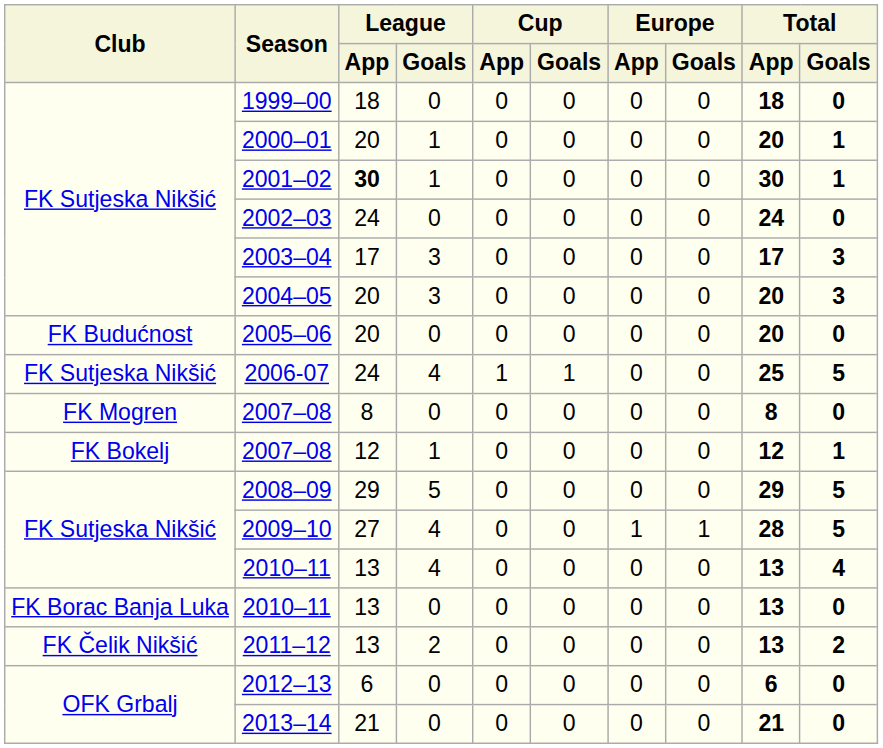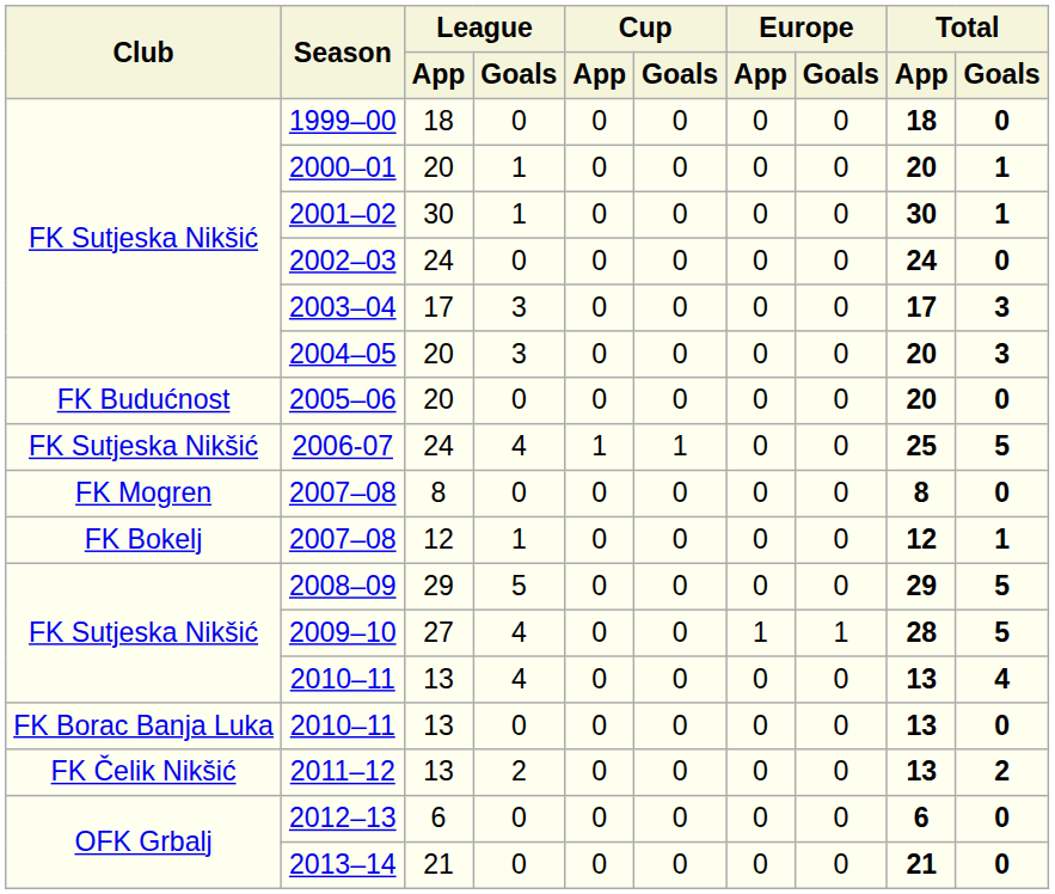 <table border=1 cellpadding=4 cellspacing=2 style="background: ivory; border: 1px #aaaaaa solid; border-collapse: collapse; clear:center">
 <tr style="background:beige">
 <th rowspan="2">Club</th>
 <th rowspan="2">Season</th>
 <th colspan="2">League</th>
 <th colspan="2">Cup</th>
 <th colspan="2">Europe</th>
 <th colspan="3">Total</th>
 </tr>
 <tr style="background:beige">
 <th>App</th>
 <th>Goals</th>
 <th>App</th>
 <th>Goals</th>
 <th>App</th>
 <th>Goals</th>
 <th>App</th>
 <th>Goals</th>
 </tr>
 <tr>
 <td rowspan="6" align=center valign=center><a href='#'>FK Sutjeska Nikšić</a></td>
 <td align="center"><a href='#'>1999–00</a></td>
 <td align="center">18</td>
 <td align="center">0</td>
 <td align="center">0</td>
 <td align="center">0</td>
 <td align="center">0</td>
 <td align="center">0</td>
 <th>18</th>
 <th>0</th>
 </tr>
 <tr>
 <td align="center"><a href='#'>2000–01</a></td>
 <td align="center">20</td>
 <td align="center">1</td>
 <td align="center">0</td>
 <td align="center">0</td>
 <td align="center">0</td>
 <td align="center">0</td>
 <th>20</th>
 <th>1</th>
 </tr>
 <tr>
 <td align="center"><a href='#'>2001–02</a></td>
-<td align="center"><strong>30</strong></td>
+<td align="center">30</td>
 <td align="center">1</td>
 <td align="center">0</td>
 <td align="center">0</td>
 <td align="center">0</td>
 <td align="center">0</td>
 <th>30</th>
 <th>1</th>
 </tr>
 <tr>
 <td align="center"><a href='#'>2002–03</a></td>
 <td align="center">24</td>
 <td align="center">0</td>
 <td align="center">0</td>
 <td align="center">0</td>
 <td align="center">0</td>
 <td align="center">0</td>
 <th>24</th>
 <th>0</th>
 </tr>
 <tr>
 <td align="center"><a href='#'>2003–04</a></td>
 <td align="center">17</td>
 <td align="center">3</td>
 <td align="center">0</td>
 <td align="center">0</td>
 <td align="center">0</td>
 <td align="center">0</td>
 <th>17</th>
 <th>3</th>
 </tr>
 <tr>
 <td align="center"><a href='#'>2004–05</a></td>
 <td align="center">20</td>
 <td align="center">3</td>
 <td align="center">0</td>
 <td align="center">0</td>
 <td align="center">0</td>
 <td align="center">0</td>
 <th>20</th>
 <th>3</th>
 </tr>
 <tr>
 <td rowspan="1" align=center valign=center><a href='#'>FK Budućnost</a></td>
 <td align="center"><a href='#'>2005–06</a></td>
 <td align="center">20</td>
 <td align="center">0</td>
 <td align="center">0</td>
 <td align="center">0</td>
 <td align="center">0</td>
 <td align="center">0</td>
 <th>20</th>
 <th>0</th>
 </tr>
 <tr>
 <td rowspan="1" align=center valign=center><a href='#'>FK Sutjeska Nikšić</a></td>
 <td align="center"><a href='#'>2006-07</a></td>
 <td align="center">24</td>
 <td align="center">4</td>
 <td align="center">1</td>
 <td align="center">1</td>
 <td align="center">0</td>
 <td align="center">0</td>
 <th>25</th>
 <th>5</th>
 </tr>
 <tr>
 <td rowspan="1" align=center valign=center><a href='#'>FK Mogren</a></td>
 <td align="center"><a href='#'>2007–08</a></td>
 <td align="center">8</td>
 <td align="center">0</td>
 <td align="center">0</td>
 <td align="center">0</td>
 <td align="center">0</td>
 <td align="center">0</td>
 <th>8</th>
 <th>0</th>
 </tr>
 <tr>
 <td rowspan="1" align=center valign=center><a href='#'>FK Bokelj</a></td>
 <td align="center"><a href='#'>2007–08</a></td>
 <td align="center">12</td>
 <td align="center">1</td>
 <td align="center">0</td>
 <td align="center">0</td>
 <td align="center">0</td>
 <td align="center">0</td>
 <th>12</th>
 <th>1</th>
 </tr>
 <tr>
 <td rowspan="3" align=center valign=center><a href='#'>FK Sutjeska Nikšić</a></td>
 <td align="center"><a href='#'>2008–09</a></td>
 <td align="center">29</td>
 <td align="center">5</td>
 <td align="center">0</td>
 <td align="center">0</td>
 <td align="center">0</td>
 <td align="center">0</td>
 <th>29</th>
 <th>5</th>
 </tr>
 <tr>
 <td align="center"><a href='#'>2009–10</a></td>
 <td align="center">27</td>
 <td align="center">4</td>
 <td align="center">0</td>
 <td align="center">0</td>
 <td align="center">1</td>
 <td align="center">1</td>
 <th>28</th>
 <th>5</th>
 </tr>
 <tr>
 <td align="center"><a href='#'>2010–11</a></td>
 <td align="center">13</td>
 <td align="center">4</td>
 <td align="center">0</td>
 <td align="center">0</td>
 <td align="center">0</td>
 <td align="center">0</td>
 <th>13</th>
 <th>4</th>
 </tr>
 <tr>
 <td rowspan="1" align=center valign=center><a href='#'>FK Borac Banja Luka</a></td>
 <td align="center"><a href='#'>2010–11</a></td>
 <td align="center">13</td>
 <td align="center">0</td>
 <td align="center">0</td>
 <td align="center">0</td>
 <td align="center">0</td>
 <td align="center">0</td>
 <th>13</th>
 <th>0</th>
 </tr>
 <tr>
 <td rowspan="1" align=center valign=center><a href='#'>FK Čelik Nikšić</a></td>
 <td align="center"><a href='#'>2011–12</a></td>
 <td align="center">13</td>
 <td align="center">2</td>
 <td align="center">0</td>
 <td align="center">0</td>
 <td align="center">0</td>
 <td align="center">0</td>
 <th>13</th>
 <th>2</th>
 </tr>
 <tr>
 <td rowspan="2" align=center valign=center><a href='#'>OFK Grbalj</a></td>
 <td align="center"><a href='#'>2012–13</a></td>
 <td align="center">6</td>
 <td align="center">0</td>
 <td align="center">0</td>
 <td align="center">0</td>
 <td align="center">0</td>
 <td align="center">0</td>
 <th>6</th>
 <th>0</th>
 </tr>
 <tr>
 <td align="center"><a href='#'>2013–14</a></td>
 <td align="center">21</td>
 <td align="center">0</td>
 <td align="center">0</td>
 <td align="center">0</td>
 <td align="center">0</td>
 <td align="center">0</td>
 <th>21</th>
 <th>0</th>
 </tr>
 <tr>
 </tr>
 </table>
